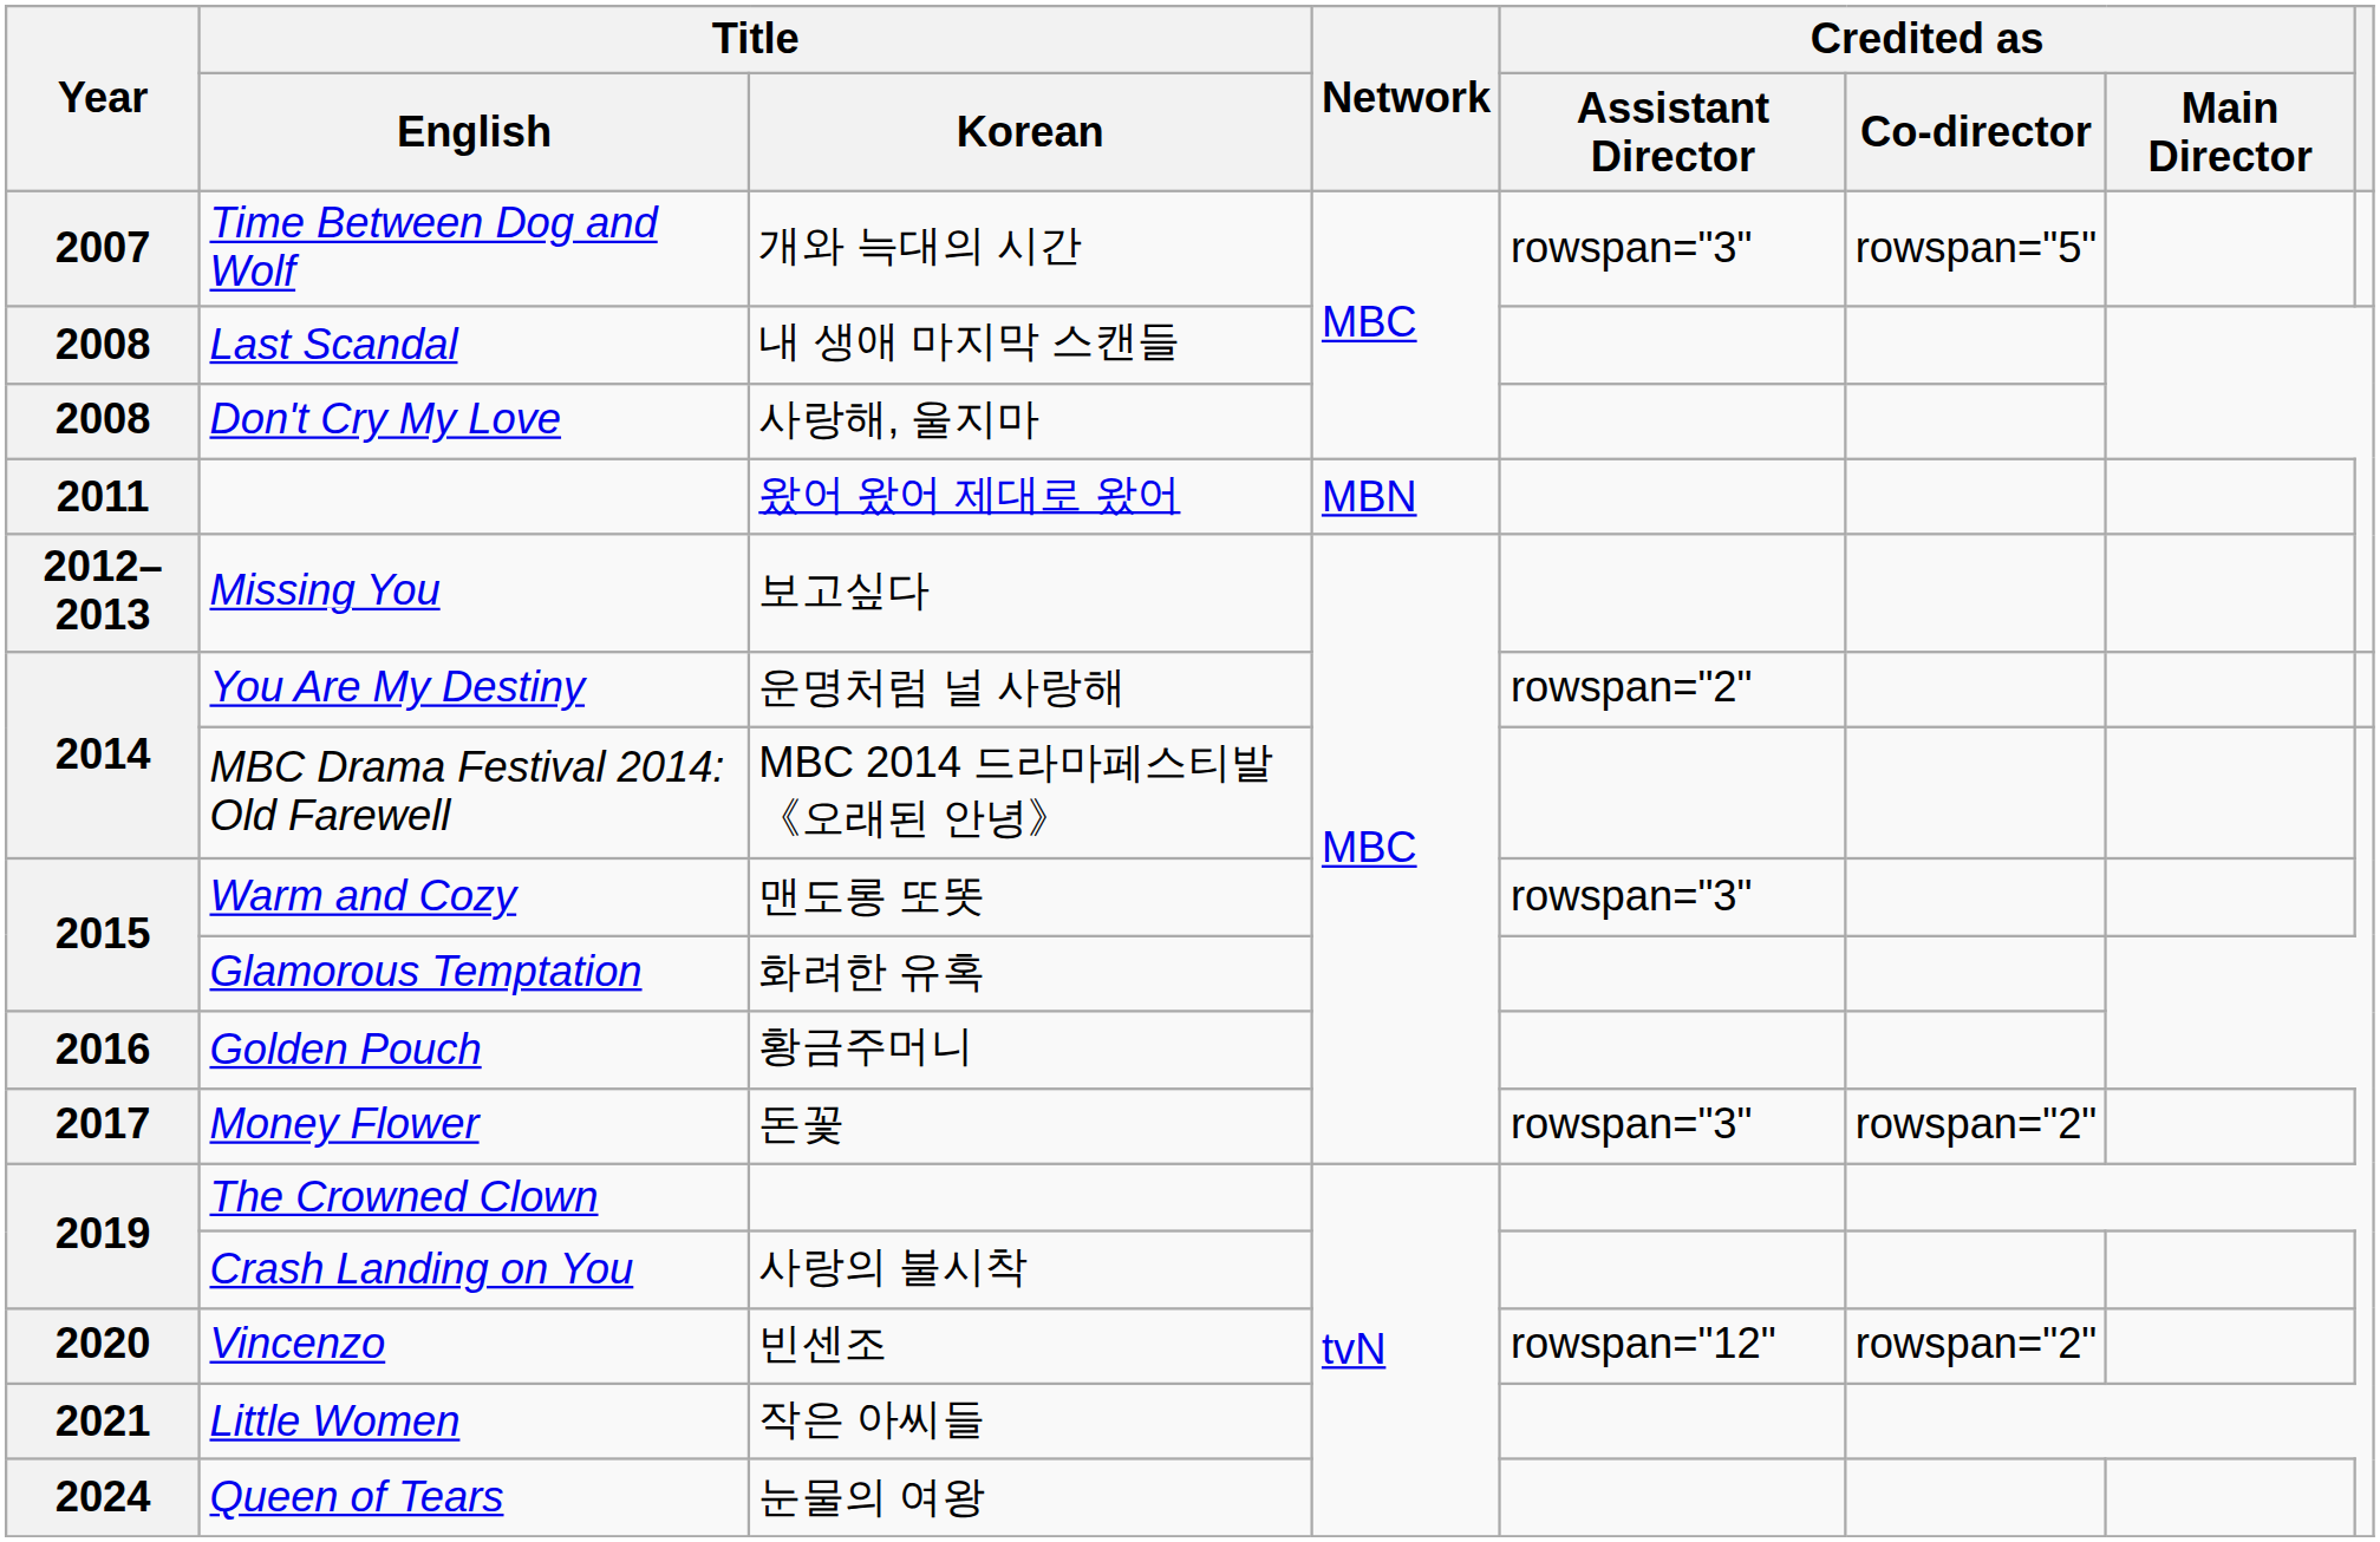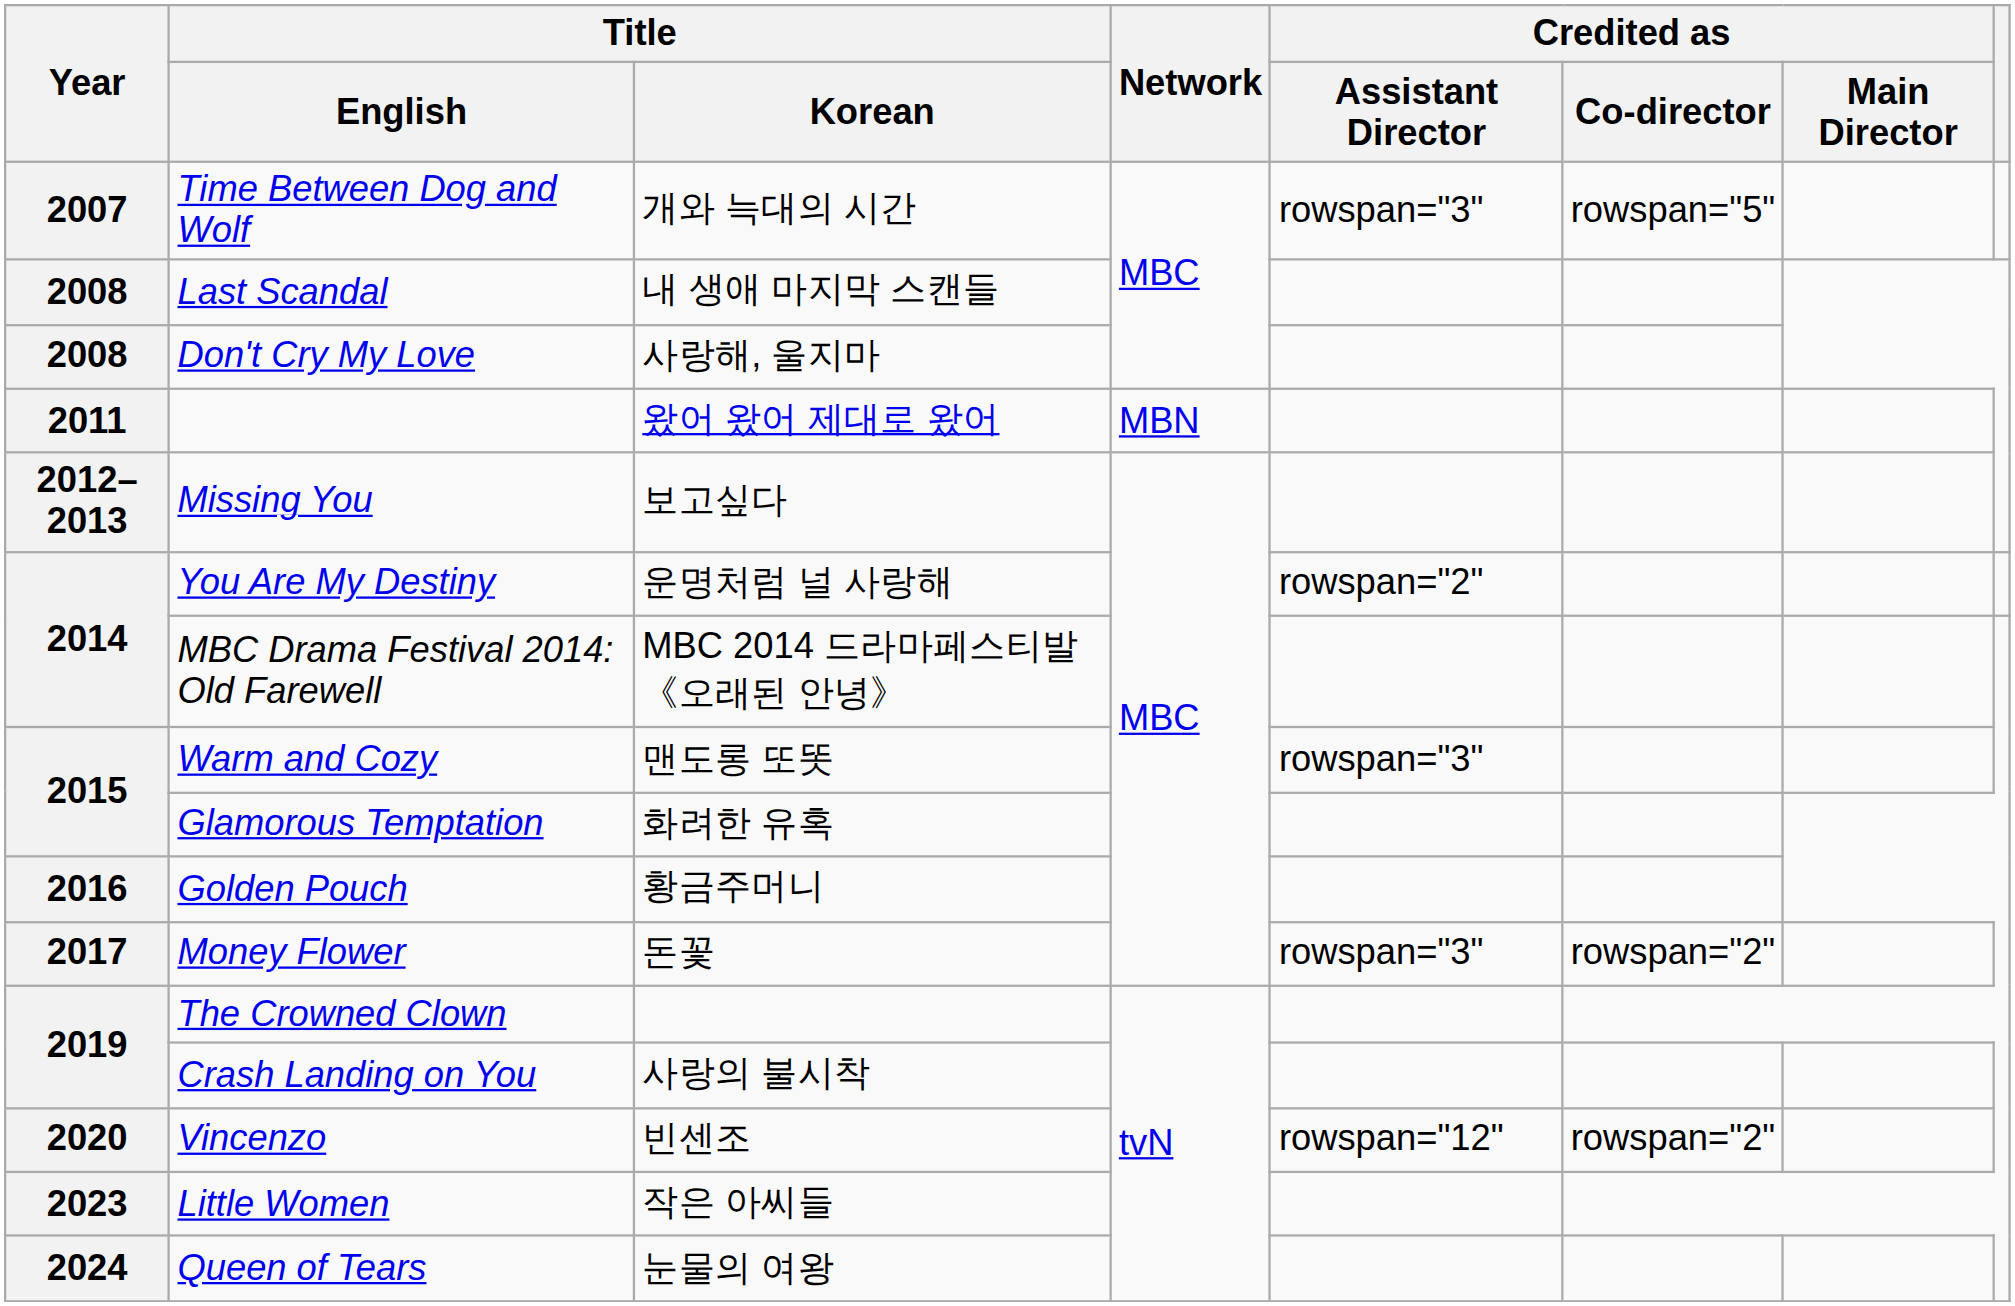 <table class="wikitable sortable plainrowheaders" style="text-align:left; font-size:100%; padding:0 auto; width:100%; margin:auto">
 <tr>
 <th rowspan="2" scope="col">Year</th>
 <th colspan="2" scope="col">Title</th>
 <th rowspan="2" scope="col">Network</th>
 <th colspan="3" scope="col">Credited as</th>
 <th rowspan="2" scope="col" class="unsortable"></th>
 </tr>
 <tr>
 <th>English</th>
 <th>Korean</th>
 <th class="unsortable">Assistant Director</th>
 <th class="unsortable">Co-director</th>
 <th class="unsortable">Main Director</th>
 </tr>
 <tr>
 <th scope="row">2007</th>
 <td><em><a href='#'>Time Between Dog and Wolf</a></em></td>
 <td>개와 늑대의 시간</td>
 <td rowspan="3"><a href='#'>MBC</a></td>
 <td>rowspan="3" </td>
 <td>rowspan="5" </td>
 <td></td>
 <td></td>
 </tr>
 <tr>
 <th scope="row">2008</th>
 <td><em><a href='#'>Last Scandal</a></em></td>
 <td>내 생애 마지막 스캔들</td>
 <td></td>
 <td></td>
 </tr>
 <tr>
 <th scope="row">2008</th>
 <td><em><a href='#'>Don't Cry My Love</a></em></td>
 <td>사랑해, 울지마</td>
 <td></td>
 <td></td>
 </tr>
 <tr>
 <th scope="row">2011</th>
 <td><em></em></td>
 <td><a href='#'>왔어 왔어 제대로 왔어</a></td>
 <td><a href='#'>MBN</a></td>
 <td></td>
 <td></td>
 <td></td>
 </tr>
 <tr>
 <th scope="row">2012–2013</th>
 <td><em><a href='#'>Missing You</a></em></td>
 <td>보고싶다</td>
 <td rowspan="7"><a href='#'>MBC</a></td>
 <td></td>
 <td></td>
 <td></td>
 </tr>
 <tr>
 <th rowspan="2" scope="row">2014</th>
 <td><em><a href='#'>You Are My Destiny</a></em></td>
 <td>운명처럼 널 사랑해</td>
 <td>rowspan="2" </td>
 <td></td>
 <td></td>
 <td></td>
 </tr>
 <tr>
 <td><em>MBC Drama Festival 2014: Old Farewell</em></td>
 <td>MBC 2014 드라마페스티발 《오래된 안녕》</td>
 <td></td>
 <td></td>
 <td></td>
 </tr>
 <tr>
 <th rowspan="2" scope="row">2015</th>
 <td><em><a href='#'>Warm and Cozy</a></em></td>
 <td>맨도롱 또똣</td>
 <td>rowspan="3" </td>
 <td></td>
 <td></td>
 </tr>
 <tr>
 <td><em><a href='#'>Glamorous Temptation</a></em></td>
 <td>화려한 유혹</td>
 <td></td>
 <td></td>
 </tr>
 <tr>
 <th scope="row">2016</th>
 <td><em><a href='#'>Golden Pouch</a></em></td>
 <td>황금주머니</td>
 <td></td>
 <td></td>
 </tr>
 <tr>
 <th scope="row">2017</th>
 <td><em><a href='#'>Money Flower</a></em></td>
 <td>돈꽃</td>
 <td>rowspan="3" </td>
 <td>rowspan="2" </td>
 <td></td>
 </tr>
 <tr>
 <th rowspan="2" scope="row">2019</th>
 <td><em><a href='#'>The Crowned Clown</a></em></td>
 <td></td>
 <td rowspan="5"><a href='#'>tvN</a></td>
 <td></td>
 </tr>
 <tr>
 <td><em><a href='#'>Crash Landing on You</a></em></td>
 <td>사랑의 불시착</td>
 <td></td>
 <td></td>
 <td></td>
 </tr>
 <tr>
 <th scope="row">2020</th>
 <td><em><a href='#'>Vincenzo</a></em></td>
 <td>빈센조</td>
 <td>rowspan="12" </td>
 <td>rowspan="2" </td>
 <td></td>
 </tr>
 <tr>
-<th scope="row">2021</th>
+<th scope="row">2023</th>
 <td><em><a href='#'>Little Women</a></em></td>
 <td>작은 아씨들</td>
 <td></td>
 </tr>
 <tr>
 <th scope="row">2024</th>
 <td><em><a href='#'>Queen of Tears</a></em></td>
 <td>눈물의 여왕</td>
 <td></td>
 <td></td>
 <td></td>
 </tr>
 </table>
